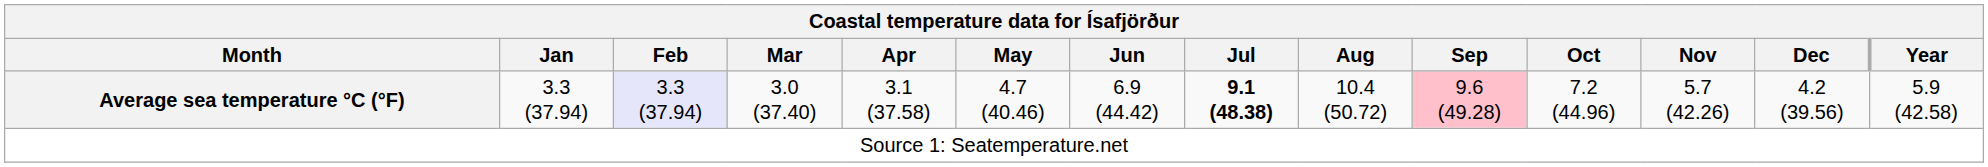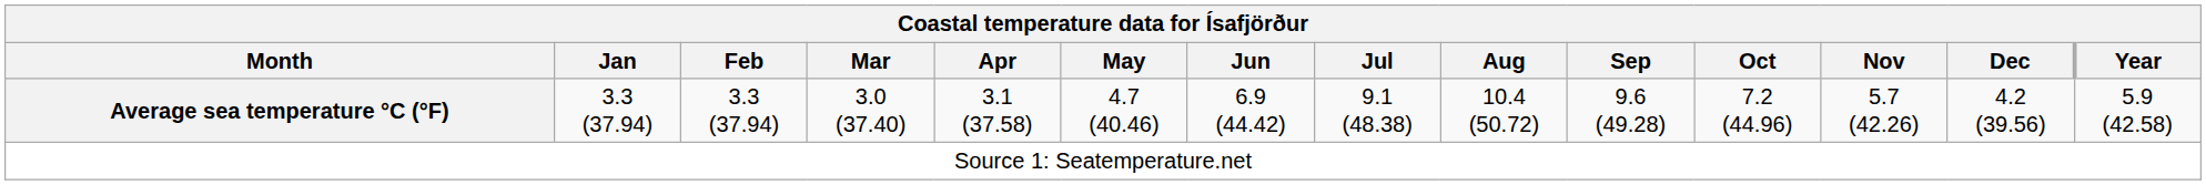 <table style="width:100%;text-align:center;line-height:1.2em;margin-left:auto;margin-right:auto" class="wikitable">
 <tr>
 <th Colspan=14>Coastal temperature data for Ísafjörður</th>
 </tr>
 <tr>
 <th>Month</th>
 <th>Jan</th>
 <th>Feb</th>
 <th>Mar</th>
 <th>Apr</th>
 <th>May</th>
 <th>Jun</th>
 <th>Jul</th>
 <th>Aug</th>
 <th>Sep</th>
 <th>Oct</th>
 <th>Nov</th>
 <th>Dec</th>
 <th style="border-left-width:medium">Year</th>
 </tr>
 <tr>
 <th>Average sea temperature °C (°F)</th>
 <td>3.3<br>(37.94)</td>
-<td style="background: lavender;">3.3<br>(37.94)</td>
+<td>3.3<br>(37.94)</td>
 <td>3.0<br>(37.40)</td>
 <td>3.1<br>(37.58)</td>
 <td>4.7<br>(40.46)</td>
 <td>6.9<br>(44.42)</td>
-<td><strong>9.1<br>(48.38)</strong></td>
+<td>9.1<br>(48.38)</td>
 <td>10.4<br>(50.72)</td>
-<td style="background: pink;">9.6<br>(49.28)</td>
+<td>9.6<br>(49.28)</td>
 <td>7.2<br>(44.96)</td>
 <td>5.7<br>(42.26)</td>
 <td>4.2<br>(39.56)</td>
 <td>5.9<br>(42.58)</td>
 </tr>
 <tr>
 <th Colspan=14 style="background:#ffffff;font-weight:normal;font-size:100%;">Source 1: Seatemperature.net</th>
 </tr>
 </table>
